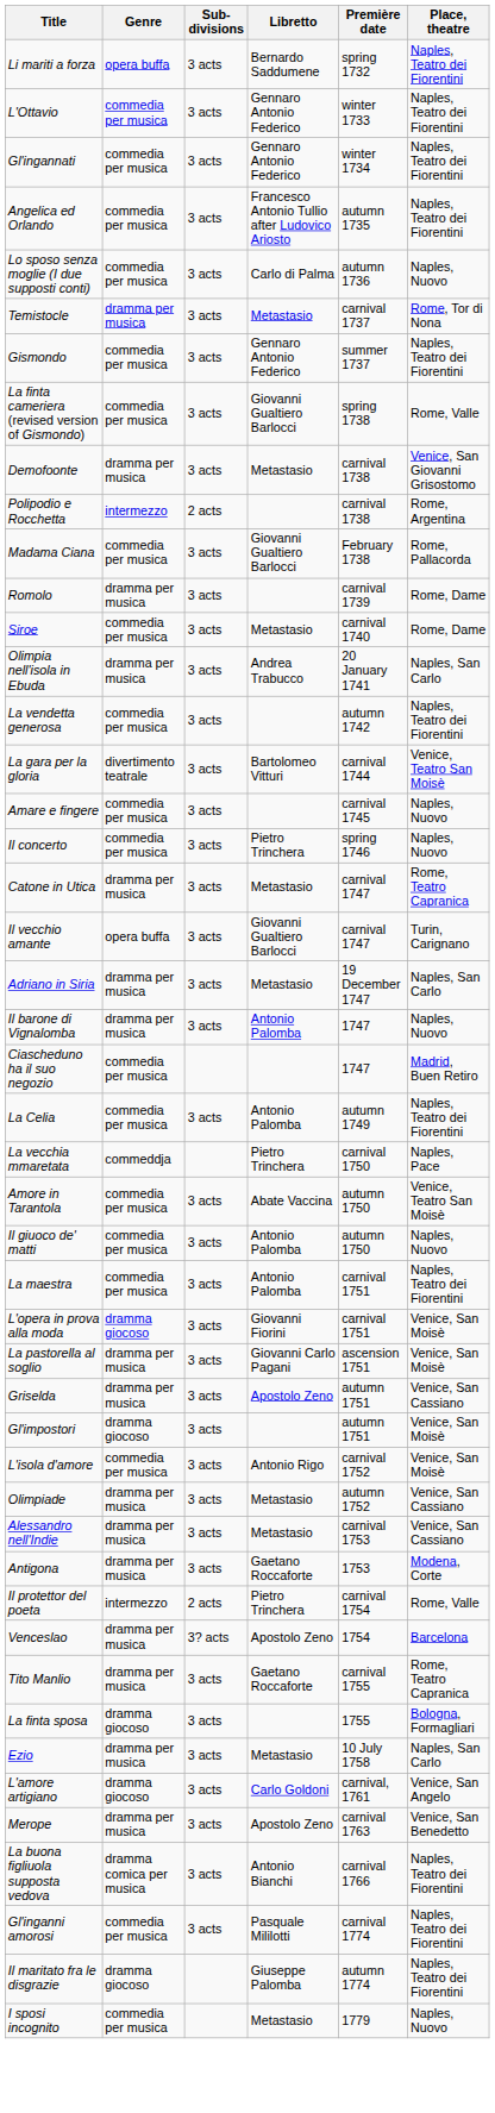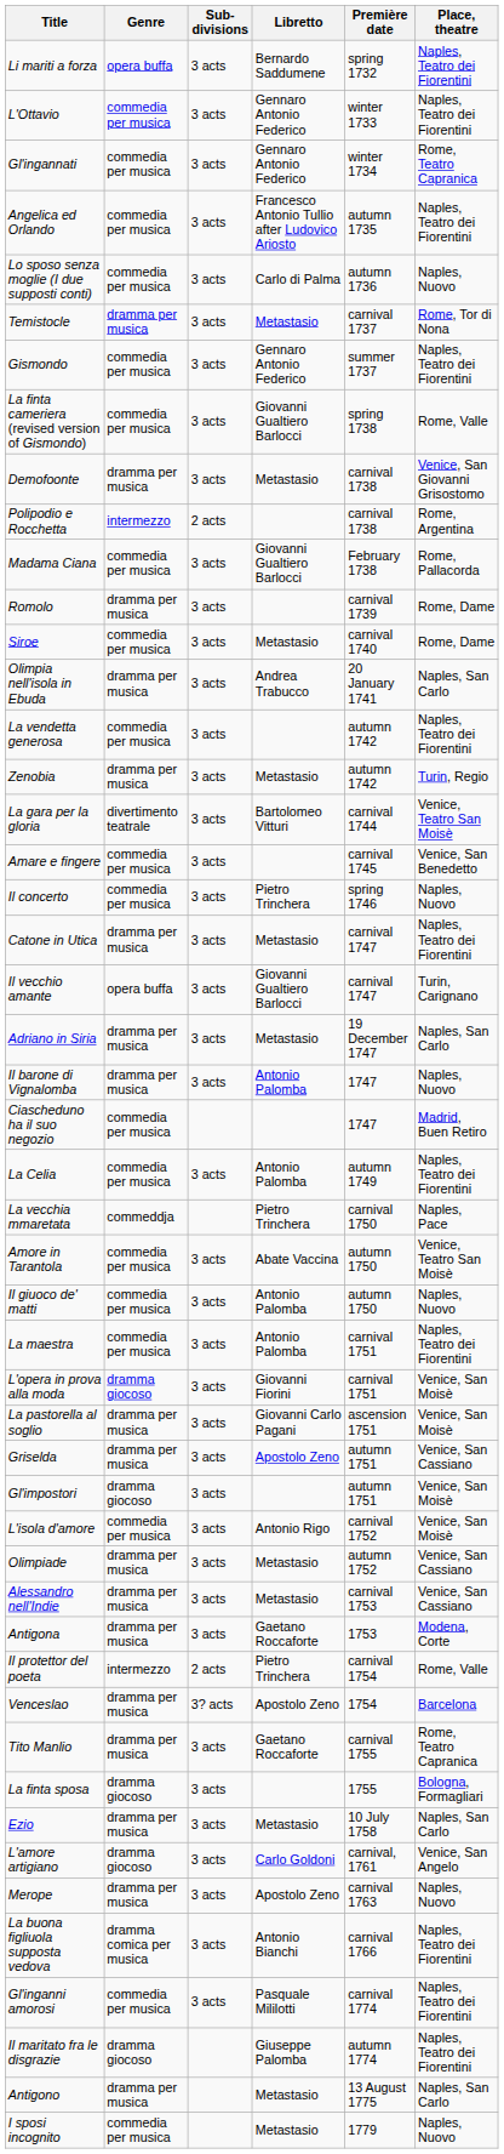 <table class="wikitable sortable">
 <tr>
 <th>Title</th>
 <th>Genre</th>
 <th>Sub­divisions</th>
 <th>Libretto</th>
 <th>Première date</th>
 <th>Place, theatre</th>
 </tr>
 <tr>
 <td><em>Li mariti a forza</em></td>
 <td><a href='#'>opera buffa</a></td>
 <td>3 acts</td>
 <td>Bernardo Saddumene</td>
 <td> spring 1732</td>
 <td><a href='#'>Naples</a>, <a href='#'>Teatro dei Fiorentini</a></td>
 </tr>
 <tr>
 <td><em>L'Ottavio</em></td>
 <td><a href='#'>commedia per musica</a></td>
 <td>3 acts</td>
 <td>Gennaro Antonio Federico</td>
 <td> winter 1733</td>
 <td>Naples, Teatro dei Fiorentini</td>
 </tr>
 <tr>
 <td><em>Gl'ingannati</em></td>
 <td>commedia per musica</td>
 <td>3 acts</td>
 <td>Gennaro Antonio Federico</td>
 <td> winter 1734</td>
-<td>Naples, Teatro dei Fiorentini</td>
+<td>Rome, <a href='#'>Teatro Capranica</a></td>
 </tr>
 <tr>
 <td><em>Angelica ed Orlando</em></td>
 <td>commedia per musica</td>
 <td>3 acts</td>
 <td>Francesco Antonio Tullio after <a href='#'>Ludovico Ariosto</a></td>
 <td> autumn 1735</td>
 <td>Naples, Teatro dei Fiorentini</td>
 </tr>
 <tr>
 <td><em>Lo sposo senza moglie (I due supposti conti)</em></td>
 <td>commedia per musica</td>
 <td>3 acts</td>
 <td>Carlo di Palma</td>
 <td> autumn 1736</td>
 <td>Naples, Nuovo</td>
 </tr>
 <tr>
 <td><em>Temistocle</em></td>
 <td><a href='#'>dramma per musica</a></td>
 <td>3 acts</td>
 <td><a href='#'>Metastasio</a></td>
 <td> carnival 1737</td>
 <td><a href='#'>Rome</a>, Tor di Nona</td>
 </tr>
 <tr>
 <td><em>Gismondo</em></td>
 <td>commedia per musica</td>
 <td>3 acts</td>
 <td>Gennaro Antonio Federico</td>
 <td> summer 1737</td>
 <td>Naples, Teatro dei Fiorentini</td>
 </tr>
 <tr>
 <td><em>La finta cameriera</em> (revised version of <em>Gismondo</em>)</td>
 <td>commedia per musica</td>
 <td>3 acts</td>
 <td>Giovanni Gualtiero Barlocci</td>
 <td> spring 1738</td>
 <td>Rome, Valle</td>
 </tr>
 <tr>
 <td><em>Demofoonte</em></td>
 <td>dramma per musica</td>
 <td>3 acts</td>
 <td>Metastasio</td>
 <td> carnival 1738</td>
 <td><a href='#'>Venice</a>, San Giovanni Grisostomo</td>
 </tr>
 <tr>
 <td><em>Polipodio e Rocchetta</em></td>
 <td><a href='#'>intermezzo</a></td>
 <td>2 acts</td>
 <td> </td>
 <td> carnival 1738</td>
 <td>Rome, Argentina</td>
 </tr>
 <tr>
 <td><em>Madama Ciana</em></td>
 <td>commedia per musica</td>
 <td>3 acts</td>
 <td>Giovanni Gualtiero Barlocci</td>
 <td> February 1738</td>
 <td>Rome, Pallacorda</td>
 </tr>
 <tr>
 <td><em>Romolo</em></td>
 <td>dramma per musica</td>
 <td>3 acts</td>
 <td> </td>
 <td> carnival 1739</td>
 <td>Rome, Dame</td>
 </tr>
 <tr>
 <td><em><a href='#'>Siroe</a></em></td>
 <td>commedia per musica</td>
 <td>3 acts</td>
 <td>Metastasio</td>
 <td> carnival 1740</td>
 <td>Rome, Dame</td>
 </tr>
 <tr>
 <td><em>Olimpia nell'isola in Ebuda</em></td>
 <td>dramma per musica</td>
 <td>3 acts</td>
 <td> Andrea Trabucco</td>
 <td> 20 January 1741</td>
 <td>Naples, San Carlo</td>
 </tr>
 <tr>
 <td><em>La vendetta generosa</em></td>
 <td>commedia per musica</td>
 <td>3 acts</td>
 <td> </td>
 <td> autumn 1742</td>
 <td>Naples, Teatro dei Fiorentini</td>
 </tr>
 <tr>
+<td><em>Zenobia</em></td>
+<td>dramma per musica</td>
+<td>3 acts</td>
+<td>Metastasio</td>
+<td> autumn 1742</td>
+<td><a href='#'>Turin</a>, Regio</td>
+</tr>
+<tr>
 <td><em>La gara per la gloria</em></td>
 <td>divertimento teatrale</td>
 <td>3 acts</td>
 <td>Bartolomeo Vitturi</td>
 <td> carnival 1744</td>
 <td>Venice, <a href='#'>Teatro San Moisè</a></td>
 </tr>
 <tr>
 <td><em>Amare e fingere</em></td>
 <td>commedia per musica</td>
 <td>3 acts</td>
 <td> </td>
 <td> carnival 1745</td>
-<td>Naples, Nuovo</td>
+<td>Venice, San Benedetto</td>
 </tr>
 <tr>
 <td><em>Il concerto</em></td>
 <td>commedia per musica</td>
 <td>3 acts</td>
 <td>Pietro Trinchera</td>
 <td> spring 1746</td>
 <td>Naples, Nuovo</td>
 </tr>
 <tr>
 <td><em>Catone in Utica</em></td>
 <td>dramma per musica</td>
 <td>3 acts</td>
 <td>Metastasio</td>
 <td> carnival 1747</td>
-<td>Rome, <a href='#'>Teatro Capranica</a></td>
+<td>Naples, Teatro dei Fiorentini</td>
 </tr>
 <tr>
 <td><em>Il vecchio amante</em></td>
 <td>opera buffa</td>
 <td>3 acts</td>
 <td>Giovanni Gualtiero Barlocci</td>
 <td> carnival 1747</td>
 <td>Turin, Carignano</td>
 </tr>
 <tr>
 <td><em><a href='#'>Adriano in Siria</a></em></td>
 <td>dramma per musica</td>
 <td>3 acts</td>
 <td>Metastasio</td>
 <td> 19 December 1747</td>
 <td>Naples, San Carlo</td>
 </tr>
 <tr>
 <td><em>Il barone di Vignalomba</em></td>
 <td>dramma per musica</td>
 <td>3 acts</td>
 <td><a href='#'>Antonio Palomba</a></td>
 <td> 1747</td>
 <td>Naples, Nuovo</td>
 </tr>
 <tr>
 <td><em>Ciascheduno ha il suo negozio</em></td>
 <td>commedia per musica</td>
 <td> </td>
 <td> </td>
 <td> 1747</td>
 <td><a href='#'>Madrid</a>, Buen Retiro</td>
 </tr>
 <tr>
 <td><em>La Celia</em></td>
 <td>commedia per musica</td>
 <td>3 acts</td>
 <td>Antonio Palomba</td>
 <td> autumn 1749</td>
 <td>Naples, Teatro dei Fiorentini</td>
 </tr>
 <tr>
 <td><em>La vecchia mmaretata</em></td>
 <td>commeddja</td>
 <td></td>
 <td>Pietro Trinchera</td>
 <td> carnival 1750</td>
 <td>Naples, Pace</td>
 </tr>
 <tr>
 <td><em>Amore in Tarantola</em></td>
 <td>commedia per musica</td>
 <td>3 acts</td>
 <td>Abate Vaccina</td>
 <td> autumn 1750</td>
 <td>Venice, Teatro San Moisè</td>
 </tr>
 <tr>
 <td><em>Il giuoco de' matti</em></td>
 <td>commedia per musica</td>
 <td>3 acts</td>
 <td>Antonio Palomba</td>
 <td> autumn 1750</td>
 <td>Naples, Nuovo</td>
 </tr>
 <tr>
 <td><em>La maestra</em></td>
 <td>commedia per musica</td>
 <td>3 acts</td>
 <td>Antonio Palomba</td>
 <td> carnival 1751</td>
 <td>Naples, Teatro dei Fiorentini</td>
 </tr>
 <tr>
 <td><em>L'opera in prova alla moda</em></td>
 <td><a href='#'>dramma giocoso</a></td>
 <td>3 acts</td>
 <td>Giovanni Fiorini</td>
 <td> carnival 1751</td>
 <td>Venice, San Moisè</td>
 </tr>
 <tr>
 <td><em>La pastorella al soglio</em></td>
 <td>dramma per musica</td>
 <td>3 acts</td>
 <td>Giovanni Carlo Pagani</td>
 <td> ascension 1751</td>
 <td>Venice, San Moisè</td>
 </tr>
 <tr>
 <td><em>Griselda</em></td>
 <td>dramma per musica</td>
 <td>3 acts</td>
 <td><a href='#'>Apostolo Zeno</a></td>
 <td> autumn 1751</td>
 <td>Venice, San Cassiano</td>
 </tr>
 <tr>
 <td><em>Gl'impostori</em></td>
 <td>dramma giocoso</td>
 <td>3 acts</td>
 <td> </td>
 <td> autumn 1751</td>
 <td>Venice, San Moisè</td>
 </tr>
 <tr>
 <td><em>L'isola d'amore</em></td>
 <td>commedia per musica</td>
 <td>3 acts</td>
 <td>Antonio Rigo</td>
 <td> carnival 1752</td>
 <td>Venice, San Moisè</td>
 </tr>
 <tr>
 <td><em>Olimpiade</em></td>
 <td>dramma per musica</td>
 <td>3 acts</td>
 <td>Metastasio</td>
 <td> autumn 1752</td>
 <td>Venice, San Cassiano</td>
 </tr>
 <tr>
 <td><em><a href='#'>Alessandro nell'Indie</a></em></td>
 <td>dramma per musica</td>
 <td>3 acts</td>
 <td>Metastasio</td>
 <td> carnival 1753</td>
 <td>Venice, San Cassiano</td>
 </tr>
 <tr>
 <td><em>Antigona</em></td>
 <td>dramma per musica</td>
 <td>3 acts</td>
 <td>Gaetano Roccaforte</td>
 <td> 1753</td>
 <td><a href='#'>Modena</a>, Corte</td>
 </tr>
 <tr>
 <td><em>Il protettor del poeta</em></td>
 <td>intermezzo</td>
 <td>2 acts</td>
 <td>Pietro Trinchera</td>
 <td> carnival 1754</td>
 <td>Rome, Valle</td>
 </tr>
 <tr>
 <td><em>Venceslao</em></td>
 <td>dramma per musica</td>
 <td>3? acts</td>
 <td>Apostolo Zeno</td>
 <td> 1754</td>
 <td><a href='#'>Barcelona</a></td>
 </tr>
 <tr>
 <td><em>Tito Manlio</em></td>
 <td>dramma per musica</td>
 <td>3 acts</td>
 <td>Gaetano Roccaforte</td>
 <td> carnival 1755</td>
 <td>Rome, Teatro Capranica</td>
 </tr>
 <tr>
 <td><em>La finta sposa</em></td>
 <td>dramma giocoso</td>
 <td>3 acts</td>
 <td> </td>
 <td> 1755</td>
 <td><a href='#'>Bologna</a>, Formagliari</td>
 </tr>
 <tr>
 <td><em><a href='#'>Ezio</a></em></td>
 <td>dramma per musica</td>
 <td>3 acts</td>
 <td>Metastasio</td>
 <td> 10 July 1758</td>
 <td>Naples, San Carlo</td>
 </tr>
 <tr>
 <td><em>L'amore artigiano</em></td>
 <td>dramma giocoso</td>
 <td>3 acts</td>
 <td><a href='#'>Carlo Goldoni</a></td>
 <td> carnival, 1761</td>
 <td>Venice, San Angelo</td>
 </tr>
 <tr>
 <td><em>Merope</em></td>
 <td>dramma per musica</td>
 <td>3 acts</td>
 <td>Apostolo Zeno</td>
 <td> carnival 1763</td>
-<td>Venice, San Benedetto</td>
+<td>Naples, Nuovo</td>
 </tr>
 <tr>
 <td><em>La buona figliuola supposta vedova</em></td>
 <td>dramma comica per musica</td>
 <td>3 acts</td>
 <td>Antonio Bianchi</td>
 <td> carnival 1766</td>
 <td>Naples, Teatro dei Fiorentini</td>
 </tr>
 <tr>
 <td><em>Gl'inganni amorosi</em></td>
 <td>commedia per musica</td>
 <td>3 acts</td>
 <td>Pasquale Mililotti</td>
 <td> carnival 1774</td>
 <td>Naples, Teatro dei Fiorentini</td>
 </tr>
 <tr>
 <td><em>Il maritato fra le disgrazie</em></td>
 <td>dramma giocoso</td>
 <td> </td>
 <td>Giuseppe Palomba</td>
 <td> autumn 1774</td>
 <td>Naples, Teatro dei Fiorentini</td>
 </tr>
 <tr>
+<td><em>Antigono</em></td>
+<td>dramma per musica</td>
+<td> </td>
+<td>Metastasio</td>
+<td> 13 August 1775</td>
+<td>Naples, San Carlo</td>
+</tr>
+<tr>
 <td><em>I sposi incognito</em></td>
 <td>commedia per musica</td>
 <td> </td>
 <td>Metastasio</td>
 <td> 1779</td>
 <td>Naples, Nuovo</td>
 </tr>
 </table>
